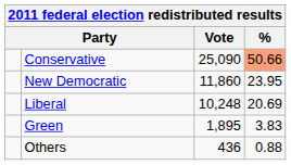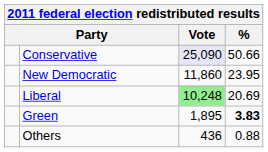 <table class="wikitable">
 <tr>
 <th colspan="4"><a href='#'>2011 federal election</a> redistributed results</th>
 </tr>
 <tr>
 <th bgcolor="#DDDDFF" width="130px" colspan="2">Party</th>
 <th bgcolor="#DDDDFF" width="50px">Vote</th>
 <th bgcolor="#DDDDFF" width="30px">%</th>
 </tr>
 <tr>
 <td> </td>
 <td><a href='#'>Conservative</a></td>
-<td align=right>25,090</td>
-<td align=right style="background: lightsalmon;">50.66</td>
+<td align=right style="background: lavender;">25,090</td>
+<td align=right>50.66</td>
 </tr>
 <tr>
 <td> </td>
 <td><a href='#'>New Democratic</a></td>
 <td align=right>11,860</td>
 <td align=right>23.95</td>
 </tr>
 <tr>
 <td> </td>
 <td><a href='#'>Liberal</a></td>
-<td align=right>10,248</td>
+<td align=right style="background: lightgreen;">10,248</td>
 <td align=right>20.69</td>
 </tr>
 <tr>
 <td> </td>
 <td><a href='#'>Green</a></td>
 <td align=right>1,895</td>
-<td align=right>3.83</td>
+<td align=right><strong>3.83</strong></td>
 </tr>
 <tr>
 <td> </td>
 <td>Others</td>
 <td align=right>436</td>
 <td align=right>0.88</td>
 </tr>
 </table>
